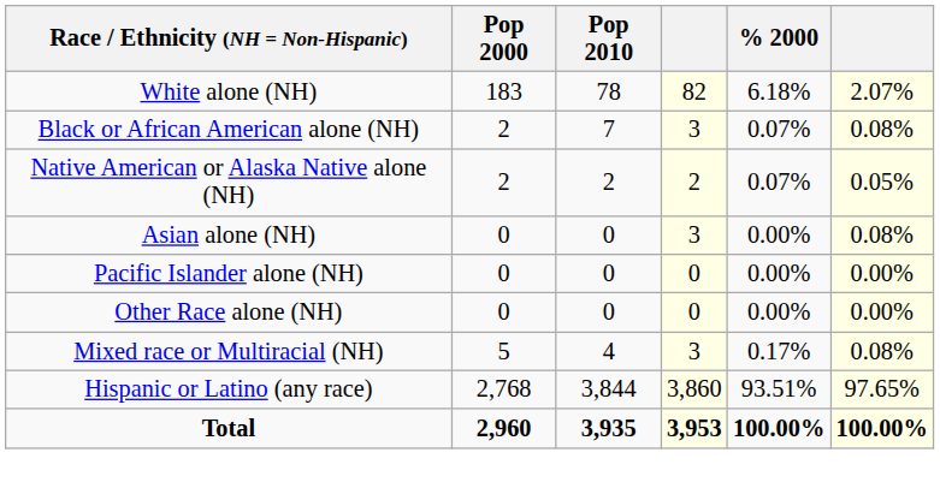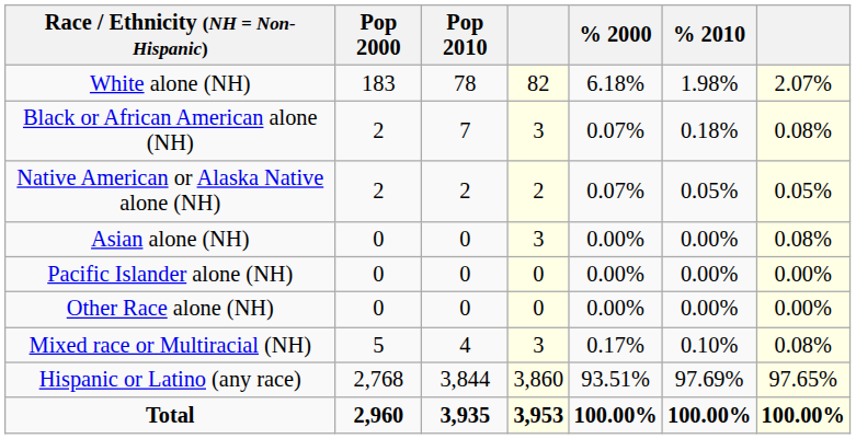 <table class="wikitable" style="text-align:center;">
 <tr>
 <th>Race / Ethnicity <small>(<em>NH = Non-Hispanic</em>)</small></th>
 <th>Pop 2000</th>
 <th>Pop 2010</th>
 <th></th>
 <th>% 2000</th>
+<th>% 2010</th>
 <th></th>
 </tr>
 <tr>
 <td><a href='#'>White</a> alone (NH)</td>
 <td>183</td>
 <td>78</td>
 <td style='background: #ffffe6;'>82</td>
 <td>6.18%</td>
+<td>1.98%</td>
 <td style='background: #ffffe6;'>2.07%</td>
 </tr>
 <tr>
 <td><a href='#'>Black or African American</a> alone (NH)</td>
 <td>2</td>
 <td>7</td>
 <td style='background: #ffffe6;'>3</td>
 <td>0.07%</td>
+<td>0.18%</td>
 <td style='background: #ffffe6;'>0.08%</td>
 </tr>
 <tr>
 <td><a href='#'>Native American</a> or <a href='#'>Alaska Native</a> alone (NH)</td>
 <td>2</td>
 <td>2</td>
 <td style='background: #ffffe6;'>2</td>
 <td>0.07%</td>
+<td>0.05%</td>
 <td style='background: #ffffe6;'>0.05%</td>
 </tr>
 <tr>
 <td><a href='#'>Asian</a> alone (NH)</td>
 <td>0</td>
 <td>0</td>
 <td style='background: #ffffe6;'>3</td>
+<td>0.00%</td>
 <td>0.00%</td>
 <td style='background: #ffffe6;'>0.08%</td>
 </tr>
 <tr>
 <td><a href='#'>Pacific Islander</a> alone (NH)</td>
 <td>0</td>
 <td>0</td>
 <td style='background: #ffffe6;'>0</td>
 <td>0.00%</td>
+<td>0.00%</td>
 <td style='background: #ffffe6;'>0.00%</td>
 </tr>
 <tr>
 <td><a href='#'>Other Race</a> alone (NH)</td>
 <td>0</td>
 <td>0</td>
 <td style='background: #ffffe6;'>0</td>
+<td>0.00%</td>
 <td>0.00%</td>
 <td style='background: #ffffe6;'>0.00%</td>
 </tr>
 <tr>
 <td><a href='#'>Mixed race or Multiracial</a> (NH)</td>
 <td>5</td>
 <td>4</td>
 <td style='background: #ffffe6;'>3</td>
 <td>0.17%</td>
+<td>0.10%</td>
 <td style='background: #ffffe6;'>0.08%</td>
 </tr>
 <tr>
 <td><a href='#'>Hispanic or Latino</a> (any race)</td>
 <td>2,768</td>
 <td>3,844</td>
 <td style='background: #ffffe6;'>3,860</td>
 <td>93.51%</td>
+<td>97.69%</td>
 <td style='background: #ffffe6;'>97.65%</td>
 </tr>
 <tr>
 <td><strong>Total</strong></td>
 <td><strong>2,960</strong></td>
 <td><strong>3,935</strong></td>
 <td style='background: #ffffe6;'><strong>3,953</strong></td>
 <td><strong>100.00%</strong></td>
+<td><strong>100.00%</strong></td>
 <td style='background: #ffffe6;'><strong>100.00%</strong></td>
 </tr>
 </table>
